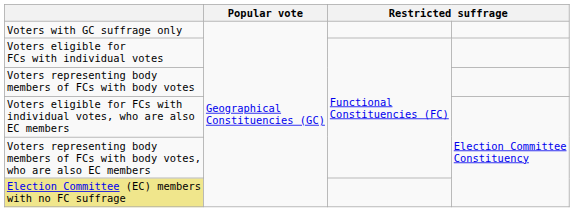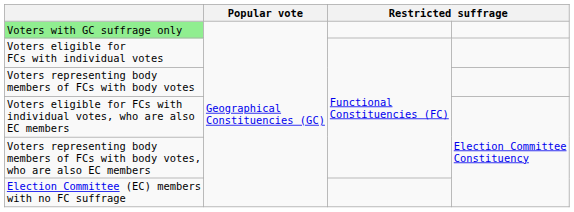 <table class="wikitable">
 <tr>
 <th></th>
 <th>Popular vote</th>
 <th colspan="2">Restricted suffrage</th>
 </tr>
 <tr>
-<td>Voters with GC suffrage only</td>
+<td style="background: lightgreen;">Voters with GC suffrage only</td>
 <td rowspan="6"><a href='#'>Geographical<br> Constituencies (GC)</a></td>
 <td></td>
 <td></td>
 </tr>
 <tr>
 <td>Voters eligible for<br> FCs with individual votes</td>
 <td rowspan="4"><a href='#'>Functional<br> Constituencies (FC)</a></td>
 <td></td>
 </tr>
 <tr>
 <td>Voters representing body<br> members of FCs with body votes</td>
 <td></td>
 </tr>
 <tr>
 <td>Voters eligible for FCs with<br> individual votes, who are also<br> EC members</td>
 <td rowspan="3"><a href='#'>Election Committee<br> Constituency</a></td>
 </tr>
 <tr>
 <td>Voters representing body<br> members of FCs with body votes,<br> who are also EC members</td>
 </tr>
 <tr>
-<td style="background: khaki;"><a href='#'>Election Committee</a> (EC) members<br> with no FC suffrage</td>
+<td><a href='#'>Election Committee</a> (EC) members<br> with no FC suffrage</td>
 <td></td>
 </tr>
 </table>
